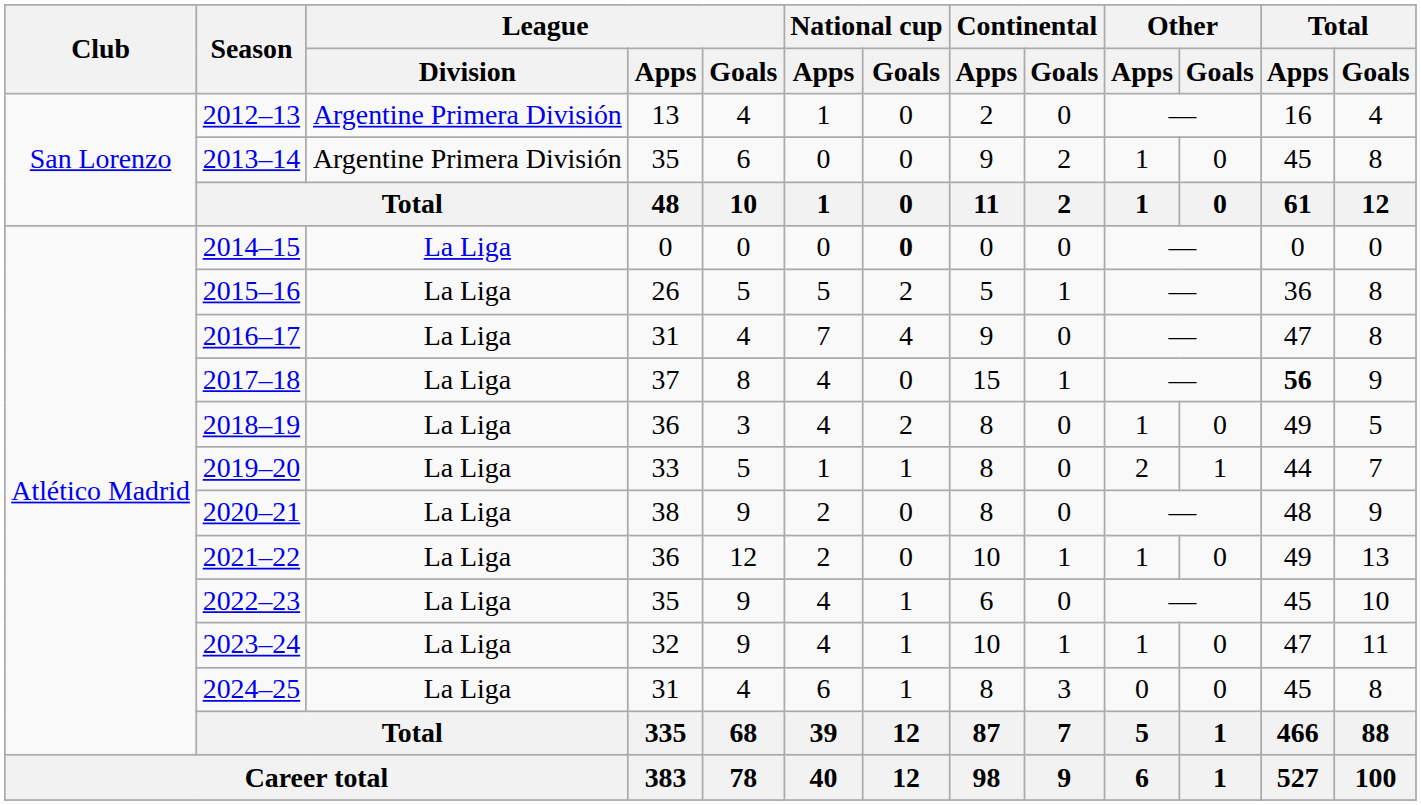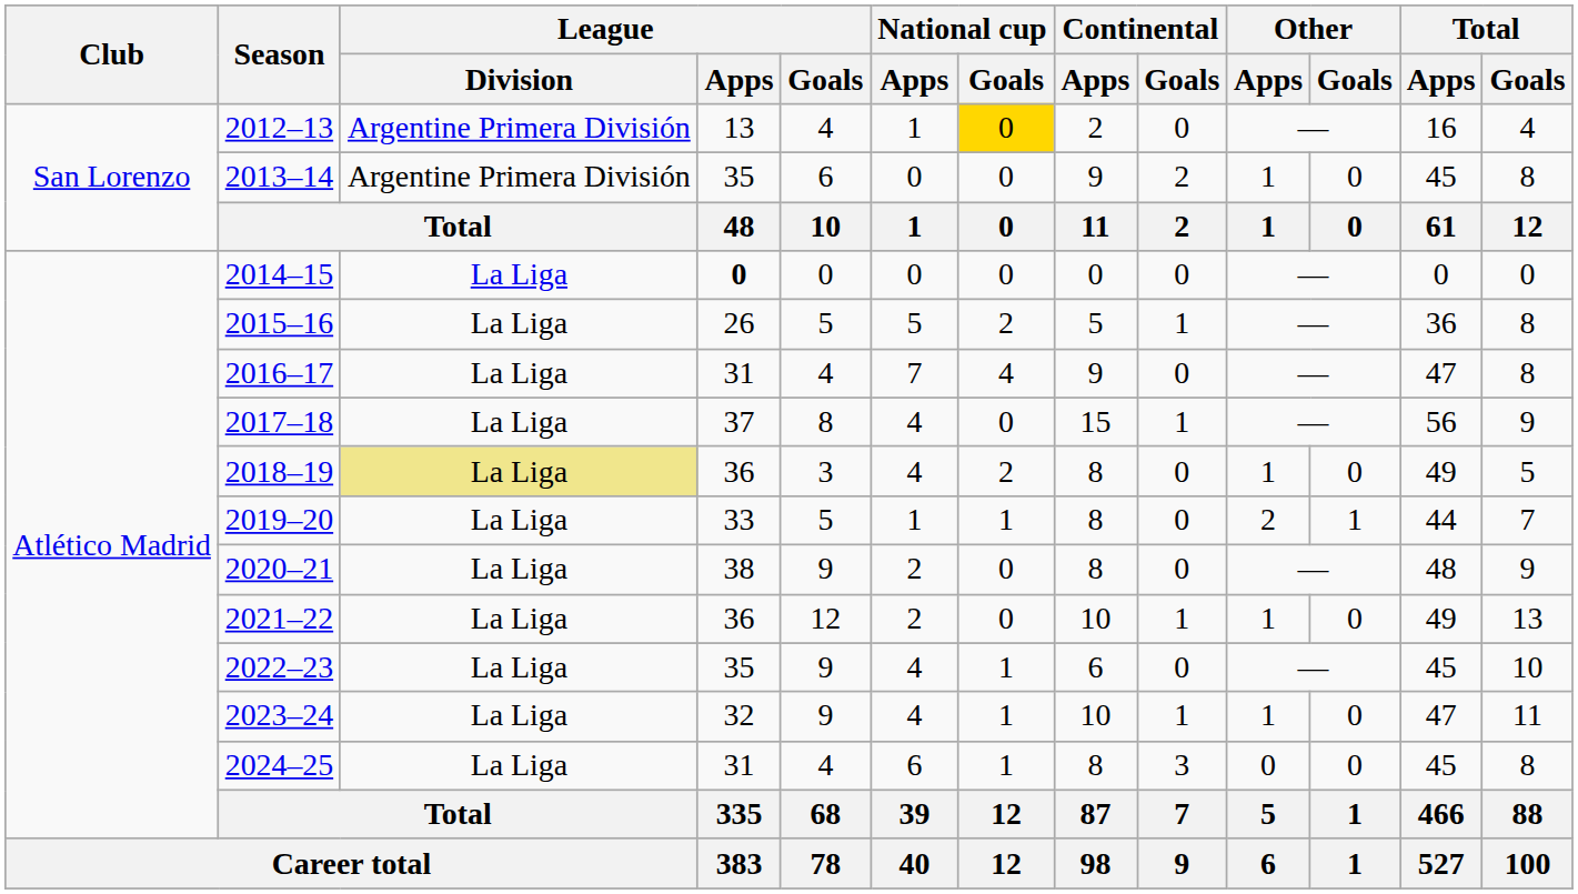 <table class="wikitable" style="font-size:100%; text-align: center;">
 <tr>
 <th rowspan="2">Club</th>
 <th rowspan="2">Season</th>
 <th colspan="3">League</th>
 <th colspan="2">National cup</th>
 <th colspan="2">Continental</th>
 <th colspan="2">Other</th>
 <th colspan="2">Total</th>
 </tr>
 <tr>
 <th>Division</th>
 <th>Apps</th>
 <th>Goals</th>
 <th>Apps</th>
 <th>Goals</th>
 <th>Apps</th>
 <th>Goals</th>
 <th>Apps</th>
 <th>Goals</th>
 <th>Apps</th>
 <th>Goals</th>
 </tr>
 <tr>
 <td rowspan="3"><a href='#'>San Lorenzo</a></td>
 <td><a href='#'>2012–13</a></td>
 <td><a href='#'>Argentine Primera División</a></td>
 <td>13</td>
 <td>4</td>
 <td>1</td>
-<td>0</td>
+<td style="background: gold;">0</td>
 <td>2</td>
 <td>0</td>
 <td colspan="2">—</td>
 <td>16</td>
 <td>4</td>
 </tr>
 <tr>
 <td><a href='#'>2013–14</a></td>
 <td>Argentine Primera División</td>
 <td>35</td>
 <td>6</td>
 <td>0</td>
 <td>0</td>
 <td>9</td>
 <td>2</td>
 <td>1</td>
 <td>0</td>
 <td>45</td>
 <td>8</td>
 </tr>
 <tr>
 <th colspan="2">Total</th>
 <th>48</th>
 <th>10</th>
 <th>1</th>
 <th>0</th>
 <th>11</th>
 <th>2</th>
 <th>1</th>
 <th>0</th>
 <th>61</th>
 <th>12</th>
 </tr>
 <tr>
 <td rowspan="12"><a href='#'>Atlético Madrid</a></td>
 <td><a href='#'>2014–15</a></td>
 <td><a href='#'>La Liga</a></td>
+<td><strong>0</strong></td>
 <td>0</td>
 <td>0</td>
 <td>0</td>
-<td><strong>0</strong></td>
 <td>0</td>
 <td>0</td>
 <td colspan="2">—</td>
 <td>0</td>
 <td>0</td>
 </tr>
 <tr>
 <td><a href='#'>2015–16</a></td>
 <td>La Liga</td>
 <td>26</td>
 <td>5</td>
 <td>5</td>
 <td>2</td>
 <td>5</td>
 <td>1</td>
 <td colspan="2">—</td>
 <td>36</td>
 <td>8</td>
 </tr>
 <tr>
 <td><a href='#'>2016–17</a></td>
 <td>La Liga</td>
 <td>31</td>
 <td>4</td>
 <td>7</td>
 <td>4</td>
 <td>9</td>
 <td>0</td>
 <td colspan="2">—</td>
 <td>47</td>
 <td>8</td>
 </tr>
 <tr>
 <td><a href='#'>2017–18</a></td>
 <td>La Liga</td>
 <td>37</td>
 <td>8</td>
 <td>4</td>
 <td>0</td>
 <td>15</td>
 <td>1</td>
 <td colspan="2">—</td>
-<td><strong>56</strong></td>
+<td>56</td>
 <td>9</td>
 </tr>
 <tr>
 <td><a href='#'>2018–19</a></td>
-<td>La Liga</td>
+<td style="background: khaki;">La Liga</td>
 <td>36</td>
 <td>3</td>
 <td>4</td>
 <td>2</td>
 <td>8</td>
 <td>0</td>
 <td>1</td>
 <td>0</td>
 <td>49</td>
 <td>5</td>
 </tr>
 <tr>
 <td><a href='#'>2019–20</a></td>
 <td>La Liga</td>
 <td>33</td>
 <td>5</td>
 <td>1</td>
 <td>1</td>
 <td>8</td>
 <td>0</td>
 <td>2</td>
 <td>1</td>
 <td>44</td>
 <td>7</td>
 </tr>
 <tr>
 <td><a href='#'>2020–21</a></td>
 <td>La Liga</td>
 <td>38</td>
 <td>9</td>
 <td>2</td>
 <td>0</td>
 <td>8</td>
 <td>0</td>
 <td colspan="2">—</td>
 <td>48</td>
 <td>9</td>
 </tr>
 <tr>
 <td><a href='#'>2021–22</a></td>
 <td>La Liga</td>
 <td>36</td>
 <td>12</td>
 <td>2</td>
 <td>0</td>
 <td>10</td>
 <td>1</td>
 <td>1</td>
 <td>0</td>
 <td>49</td>
 <td>13</td>
 </tr>
 <tr>
 <td><a href='#'>2022–23</a></td>
 <td>La Liga</td>
 <td>35</td>
 <td>9</td>
 <td>4</td>
 <td>1</td>
 <td>6</td>
 <td>0</td>
 <td colspan="2">—</td>
 <td>45</td>
 <td>10</td>
 </tr>
 <tr>
 <td><a href='#'>2023–24</a></td>
 <td>La Liga</td>
 <td>32</td>
 <td>9</td>
 <td>4</td>
 <td>1</td>
 <td>10</td>
 <td>1</td>
 <td>1</td>
 <td>0</td>
 <td>47</td>
 <td>11</td>
 </tr>
 <tr>
 <td><a href='#'>2024–25</a></td>
 <td>La Liga</td>
 <td>31</td>
 <td>4</td>
 <td>6</td>
 <td>1</td>
 <td>8</td>
 <td>3</td>
 <td>0</td>
 <td>0</td>
 <td>45</td>
 <td>8</td>
 </tr>
 <tr>
 <th colspan="2">Total</th>
 <th>335</th>
 <th>68</th>
 <th>39</th>
 <th>12</th>
 <th>87</th>
 <th>7</th>
 <th>5</th>
 <th>1</th>
 <th>466</th>
 <th>88</th>
 </tr>
 <tr>
 <th colspan="3">Career total</th>
 <th>383</th>
 <th>78</th>
 <th>40</th>
 <th>12</th>
 <th>98</th>
 <th>9</th>
 <th>6</th>
 <th>1</th>
 <th>527</th>
 <th>100</th>
 </tr>
 </table>
